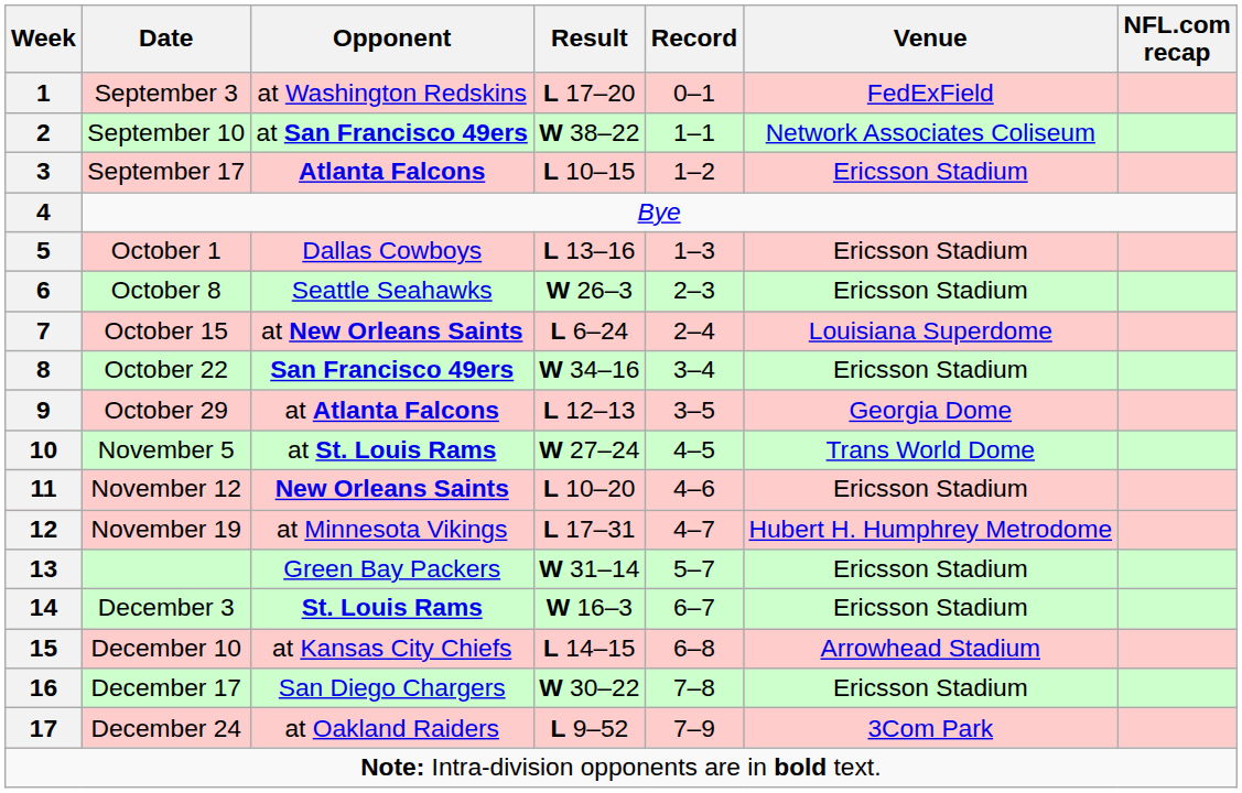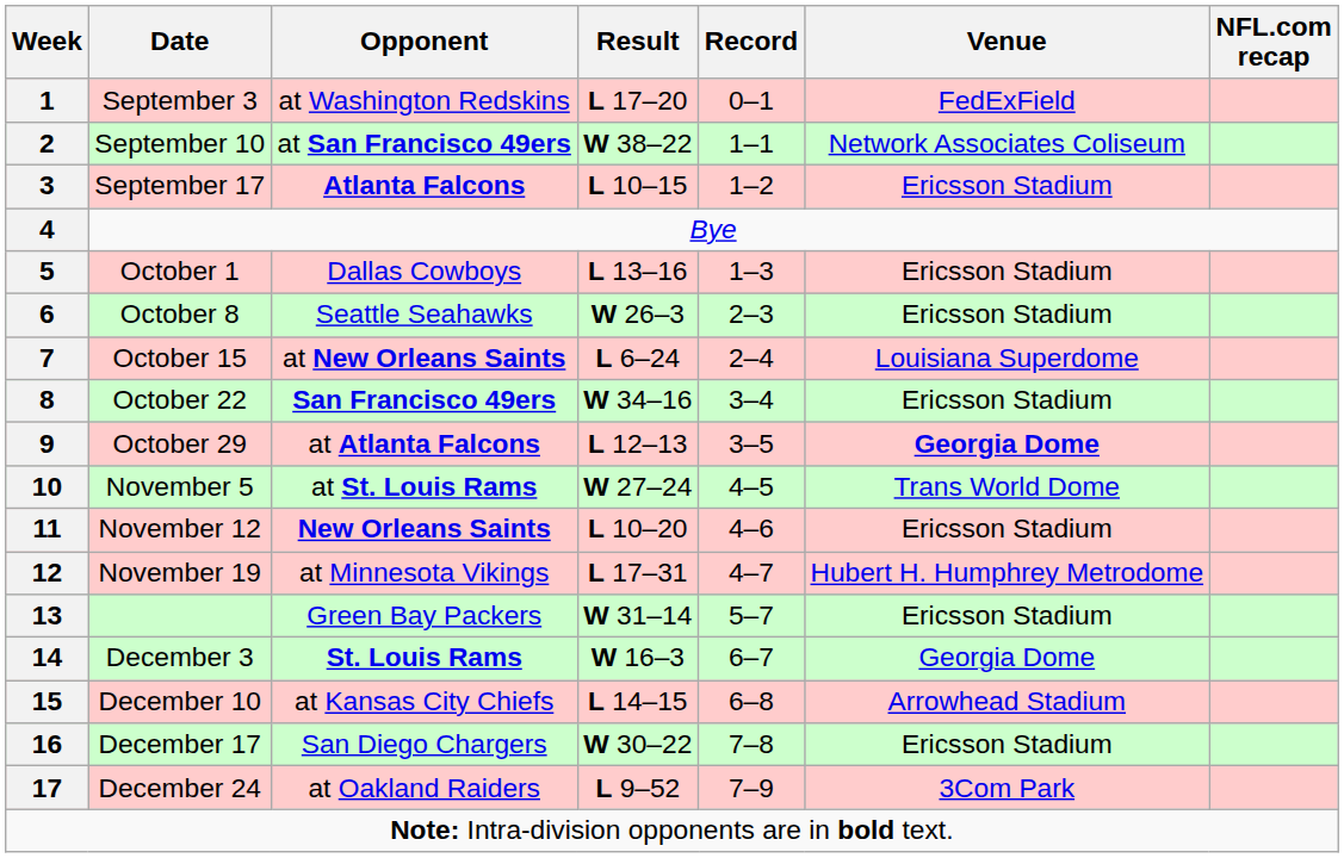 <table class="wikitable" style="text-align:center">
 <tr>
 <th>Week</th>
 <th>Date</th>
 <th>Opponent</th>
 <th>Result</th>
 <th>Record</th>
 <th>Venue</th>
 <th>NFL.com<br>recap</th>
 </tr>
 <tr style="background:#fcc">
 <th>1</th>
 <td>September 3</td>
 <td>at <a href='#'>Washington Redskins</a></td>
 <td><strong>L</strong> 17–20</td>
 <td>0–1</td>
 <td><a href='#'>FedExField</a></td>
 <td></td>
 </tr>
 <tr style="background:#cfc">
 <th>2</th>
 <td>September 10</td>
 <td>at <strong><a href='#'>San Francisco 49ers</a></strong></td>
 <td><strong>W</strong> 38–22</td>
 <td>1–1</td>
 <td><a href='#'>Network Associates Coliseum</a></td>
 <td></td>
 </tr>
 <tr style="background:#fcc">
 <th>3</th>
 <td>September 17</td>
 <td><strong><a href='#'>Atlanta Falcons</a></strong></td>
 <td><strong>L</strong> 10–15</td>
 <td>1–2</td>
 <td><a href='#'>Ericsson Stadium</a></td>
 <td></td>
 </tr>
 <tr>
 <th>4</th>
 <td colspan="7"><em><a href='#'>Bye</a></em></td>
 </tr>
 <tr style="background:#fcc">
 <th>5</th>
 <td>October 1</td>
 <td><a href='#'>Dallas Cowboys</a></td>
 <td><strong>L</strong> 13–16 </td>
 <td>1–3</td>
 <td>Ericsson Stadium</td>
 <td></td>
 </tr>
 <tr style="background:#cfc">
 <th>6</th>
 <td>October 8</td>
 <td><a href='#'>Seattle Seahawks</a></td>
 <td><strong>W</strong> 26–3</td>
 <td>2–3</td>
 <td>Ericsson Stadium</td>
 <td></td>
 </tr>
 <tr style="background:#fcc">
 <th>7</th>
 <td>October 15</td>
 <td>at <strong><a href='#'>New Orleans Saints</a></strong></td>
 <td><strong>L</strong> 6–24</td>
 <td>2–4</td>
 <td><a href='#'>Louisiana Superdome</a></td>
 <td></td>
 </tr>
 <tr style="background:#cfc">
 <th>8</th>
 <td>October 22</td>
 <td><strong><a href='#'>San Francisco 49ers</a></strong></td>
 <td><strong>W</strong> 34–16</td>
 <td>3–4</td>
 <td>Ericsson Stadium</td>
 <td></td>
 </tr>
 <tr style="background:#fcc">
 <th>9</th>
 <td>October 29</td>
 <td>at <strong><a href='#'>Atlanta Falcons</a></strong></td>
 <td><strong>L</strong> 12–13</td>
 <td>3–5</td>
-<td><a href='#'>Georgia Dome</a></td>
+<td><strong><a href='#'>Georgia Dome</a></strong></td>
 <td></td>
 </tr>
 <tr style="background:#cfc">
 <th>10</th>
 <td>November 5</td>
 <td>at <strong><a href='#'>St. Louis Rams</a></strong></td>
 <td><strong>W</strong> 27–24</td>
 <td>4–5</td>
 <td><a href='#'>Trans World Dome</a></td>
 <td></td>
 </tr>
 <tr style="background:#fcc">
 <th>11</th>
 <td>November 12</td>
 <td><strong><a href='#'>New Orleans Saints</a></strong></td>
 <td><strong>L</strong> 10–20</td>
 <td>4–6</td>
 <td>Ericsson Stadium</td>
 <td></td>
 </tr>
 <tr style="background:#fcc">
 <th>12</th>
 <td>November 19</td>
 <td>at <a href='#'>Minnesota Vikings</a></td>
 <td><strong>L</strong> 17–31</td>
 <td>4–7</td>
 <td><a href='#'>Hubert H. Humphrey Metrodome</a></td>
 <td></td>
 </tr>
 <tr style="background:#cfc">
 <th>13</th>
 <td></td>
 <td><a href='#'>Green Bay Packers</a></td>
 <td><strong>W</strong> 31–14</td>
 <td>5–7</td>
 <td>Ericsson Stadium</td>
 <td></td>
 </tr>
 <tr style="background:#cfc">
 <th>14</th>
 <td>December 3</td>
 <td><strong><a href='#'>St. Louis Rams</a></strong></td>
 <td><strong>W</strong> 16–3</td>
 <td>6–7</td>
-<td>Ericsson Stadium</td>
+<td><a href='#'>Georgia Dome</a></td>
 <td></td>
 </tr>
 <tr style="background:#fcc">
 <th>15</th>
 <td>December 10</td>
 <td>at <a href='#'>Kansas City Chiefs</a></td>
 <td><strong>L</strong> 14–15</td>
 <td>6–8</td>
 <td><a href='#'>Arrowhead Stadium</a></td>
 <td></td>
 </tr>
 <tr style="background:#cfc">
 <th>16</th>
 <td>December 17</td>
 <td><a href='#'>San Diego Chargers</a></td>
 <td><strong>W</strong> 30–22</td>
 <td>7–8</td>
 <td>Ericsson Stadium</td>
 <td></td>
 </tr>
 <tr style="background:#fcc">
 <th>17</th>
 <td>December 24</td>
 <td>at <a href='#'>Oakland Raiders</a></td>
 <td><strong>L</strong> 9–52</td>
 <td>7–9</td>
 <td><a href='#'>3Com Park</a></td>
 <td></td>
 </tr>
 <tr>
 <td colspan="8"><strong>Note:</strong> Intra-division opponents are in <strong>bold</strong> text.</td>
 </tr>
 </table>
